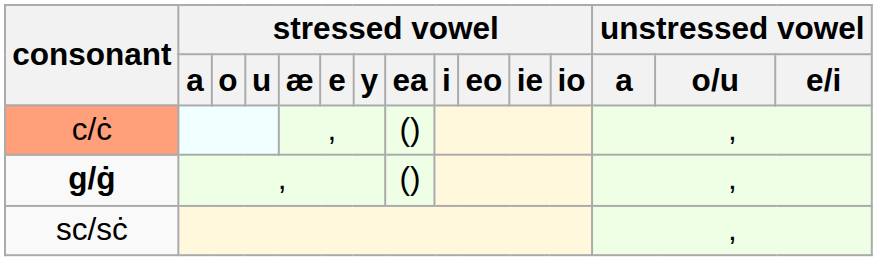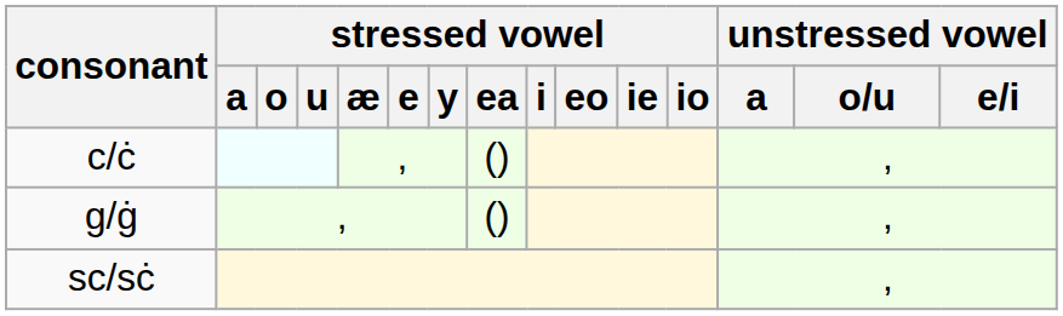 <table class="wikitable" style="text-align: center">
 <tr>
 <th rowspan=2>consonant</th>
 <th colspan=11>stressed vowel</th>
 <th colspan=3>unstressed vowel</th>
 </tr>
 <tr>
 <th>a</th>
 <th>o</th>
 <th>u</th>
 <th>æ</th>
 <th>e</th>
 <th>y</th>
 <th>ea</th>
 <th>i</th>
 <th>eo</th>
 <th>ie</th>
 <th>io</th>
 <th>a</th>
 <th>o/u</th>
 <th>e/i</th>
 </tr>
 <tr>
-<td style="background: lightsalmon;">c/ċ</td>
+<td>c/ċ</td>
 <td colspan=3 style="background:#F0FFFF;"></td>
 <td colspan=3 style="background:#EEFFE6">, </td>
 <td style="background:#EEFFE6"> ()</td>
 <td colspan=4 style="background:#FFF8DC;"></td>
 <td colspan=3 style="background:#EEFFE6">, </td>
 </tr>
 <tr>
-<td><strong>g/ġ</strong></td>
+<td>g/ġ</td>
 <td colspan=6 style="background:#EEFFE6">, </td>
 <td style="background:#EEFFE6"> ()</td>
 <td colspan=4 style="background:#FFF8DC;"></td>
 <td colspan=3 style="background:#EEFFE6">, </td>
 </tr>
 <tr>
 <td>sc/sċ</td>
 <td colspan=11 style="background:#FFF8DC;"></td>
 <td colspan=3 style="background:#EEFFE6">, </td>
 </tr>
 </table>
